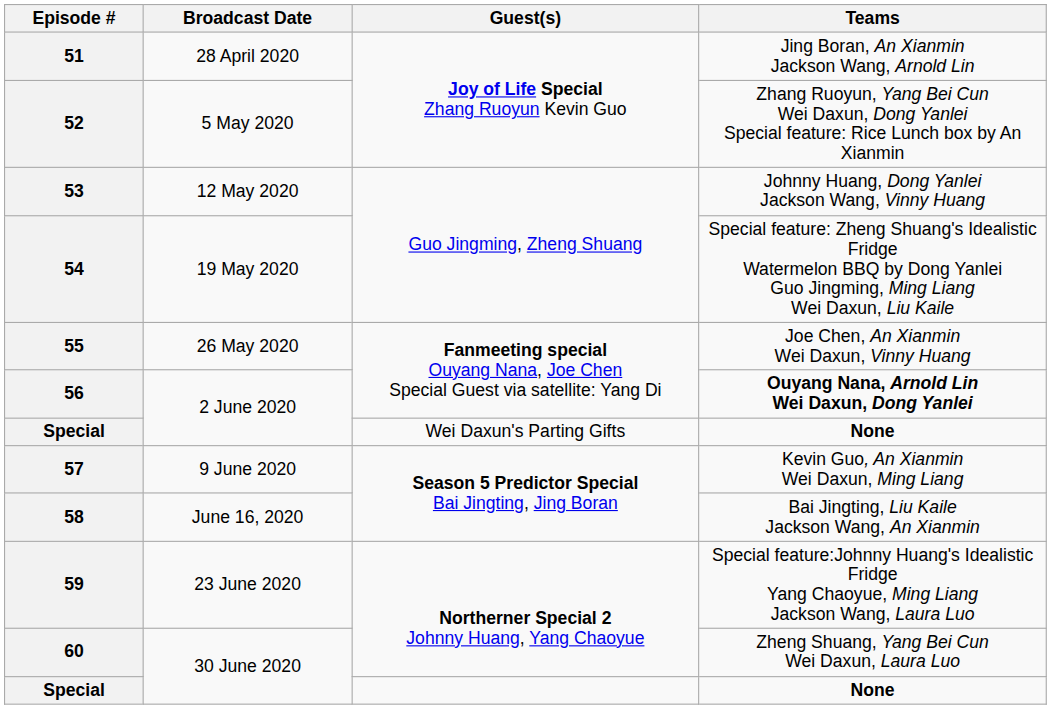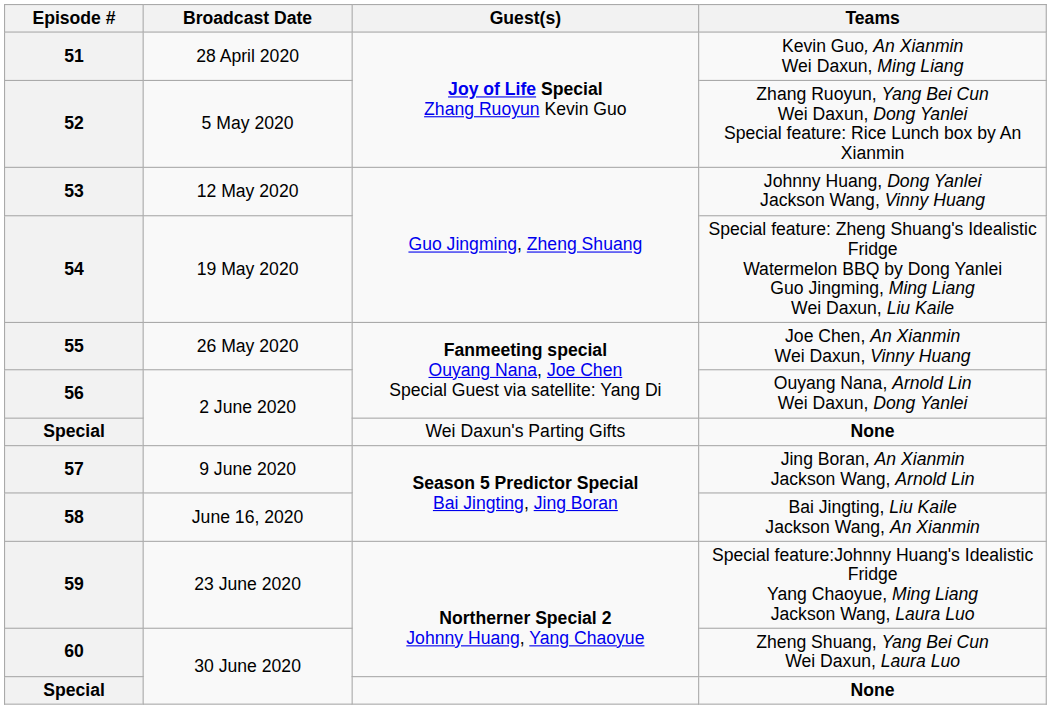 <table class="wikitable" style="text-align:center; width:75%">
 <tr>
 <th style="width:10%;”">Episode #</th>
 <th style="width:15%;”">Broadcast Date</th>
 <th style="width:25%;”">Guest(s)</th>
 <th style="width:25%;”">Teams</th>
 </tr>
 <tr>
 <th>51</th>
 <td>28 April 2020</td>
 <td rowspan="2"><strong><a href='#'>Joy of Life</a> Special</strong><br><a href='#'>Zhang Ruoyun</a> Kevin Guo</td>
-<td>Jing Boran, <em>An Xianmin</em><br>Jackson Wang, <em>Arnold Lin</em></td>
+<td>Kevin Guo<em>, An Xianmin</em><br>Wei Daxun, <em>Ming Liang</em></td>
 </tr>
 <tr>
 <th>52</th>
 <td>5 May 2020</td>
 <td>Zhang Ruoyun, <em>Yang Bei Cun</em><br>Wei Daxun, <em>Dong Yanlei</em><br>Special feature: Rice Lunch box by An Xianmin</td>
 </tr>
 <tr>
 <th>53</th>
 <td>12 May 2020</td>
 <td rowspan="2"><a href='#'>Guo Jingming</a>, <a href='#'>Zheng Shuang</a></td>
 <td>Johnny Huang, <em>Dong Yanlei</em><br>Jackson Wang, <em>Vinny Huang</em></td>
 </tr>
 <tr>
 <th>54</th>
 <td>19 May 2020</td>
 <td>Special feature: Zheng Shuang's Idealistic Fridge<br>Watermelon BBQ by Dong Yanlei<br>Guo Jingming, <em>Ming Liang</em><br>Wei Daxun, <em>Liu Kaile</em></td>
 </tr>
 <tr>
 <th>55</th>
 <td>26 May 2020</td>
 <td rowspan="2"><strong>Fanmeeting special</strong><br><a href='#'>Ouyang Nana</a>,  <a href='#'>Joe Chen</a><br>Special Guest via satellite: Yang Di</td>
 <td>Joe Chen, <em>An Xianmin</em><br>Wei Daxun, <em>Vinny Huang</em></td>
 </tr>
 <tr>
 <th>56</th>
 <td rowspan="2">2 June 2020</td>
-<td><strong>Ouyang Nana, <em>Arnold Lin</em><br>Wei Daxun, <em>Dong Yanlei</em></strong></td>
+<td>Ouyang Nana, <em>Arnold Lin</em><br>Wei Daxun, <em>Dong Yanlei</em></td>
 </tr>
 <tr>
 <th>Special</th>
 <td>Wei Daxun's Parting Gifts</td>
 <td><strong>None</strong></td>
 </tr>
 <tr>
 <th>57</th>
 <td>9 June 2020</td>
 <td rowspan="2"><strong>Season 5 Predictor Special</strong><br><a href='#'>Bai Jingting</a>, <a href='#'>Jing Boran</a></td>
-<td>Kevin Guo<em>, An Xianmin</em><br>Wei Daxun, <em>Ming Liang</em></td>
+<td>Jing Boran, <em>An Xianmin</em><br>Jackson Wang, <em>Arnold Lin</em></td>
 </tr>
 <tr>
 <th>58</th>
 <td>June 16, 2020</td>
 <td>Bai Jingting, <em>Liu Kaile</em><br>Jackson Wang, <em>An Xianmin</em></td>
 </tr>
 <tr>
 <th>59</th>
 <td>23 June 2020</td>
 <td rowspan="2"><br><br><strong>Northerner Special 2</strong><br><a href='#'>Johnny Huang</a>, <a href='#'>Yang Chaoyue</a></td>
 <td>Special feature:Johnny Huang's Idealistic Fridge<br>Yang Chaoyue, <em>Ming Liang</em><br>Jackson Wang, <em>Laura Luo</em></td>
 </tr>
 <tr>
 <th>60</th>
 <td rowspan="2">30 June 2020</td>
 <td>Zheng Shuang, <em>Yang Bei Cun</em><br>Wei Daxun, <em>Laura Luo</em></td>
 </tr>
 <tr>
 <th>Special</th>
 <td></td>
 <td><strong>None</strong></td>
 </tr>
 </table>
